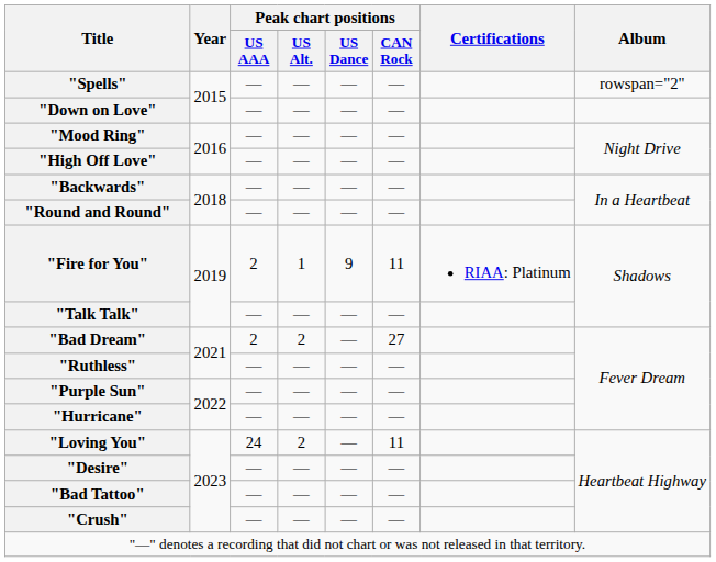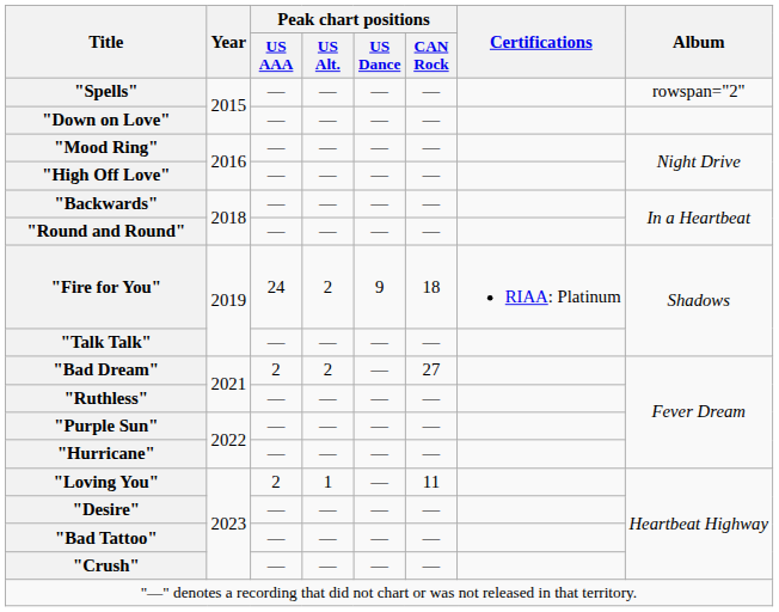 <table class="wikitable plainrowheaders" style="text-align:center">
 <tr>
 <th style="width:11em" rowspan="2">Title</th>
 <th rowspan="2">Year</th>
 <th colspan="4">Peak chart positions</th>
 <th scope="col" rowspan="2"><a href='#'>Certifications</a></th>
 <th rowspan="2">Album</th>
 </tr>
 <tr>
 <th scope="col" style="width:2.8em; font-size:90%"><a href='#'>US<br>AAA</a><br></th>
 <th scope="col" style="width:2.8em; font-size:90%"><a href='#'>US<br>Alt.</a><br></th>
 <th scope="col" style="width:2.8em; font-size:90%"><a href='#'>US<br>Dance</a><br></th>
 <th scope="col" style="width:2.8em; font-size:90%"><a href='#'>CAN<br>Rock</a><br></th>
 </tr>
 <tr>
 <th scope="row">"Spells"</th>
 <td rowspan="2">2015</td>
 <td>—</td>
 <td>—</td>
 <td>—</td>
 <td>—</td>
 <td></td>
 <td>rowspan="2" </td>
 </tr>
 <tr>
 <th scope="row">"Down on Love"</th>
 <td>—</td>
 <td>—</td>
 <td>—</td>
 <td>—</td>
 <td></td>
 </tr>
 <tr>
 <th scope="row">"Mood Ring"</th>
 <td rowspan="2">2016</td>
 <td>—</td>
 <td>—</td>
 <td>—</td>
 <td>—</td>
 <td></td>
 <td rowspan="2"><em>Night Drive</em></td>
 </tr>
 <tr>
 <th scope="row">"High Off Love"</th>
 <td>—</td>
 <td>—</td>
 <td>—</td>
 <td>—</td>
 <td></td>
 </tr>
 <tr>
 <th scope="row">"Backwards"</th>
 <td rowspan="2">2018</td>
 <td>—</td>
 <td>—</td>
 <td>—</td>
 <td>—</td>
 <td></td>
 <td rowspan="2"><em>In a Heartbeat</em></td>
 </tr>
 <tr>
 <th scope="row">"Round and Round"</th>
 <td>—</td>
 <td>—</td>
 <td>—</td>
 <td>—</td>
 <td></td>
 </tr>
 <tr>
 <th scope="row">"Fire for You"</th>
 <td rowspan="2">2019</td>
+<td>24</td>
 <td>2</td>
-<td>1</td>
 <td>9</td>
-<td>11</td>
+<td>18</td>
 <td><br><ul><li><a href='#'>RIAA</a>: Platinum</li></ul></td>
 <td rowspan="2"><em>Shadows</em></td>
 </tr>
 <tr>
 <th scope="row">"Talk Talk"</th>
 <td>—</td>
 <td>—</td>
 <td>—</td>
 <td>—</td>
 <td></td>
 </tr>
 <tr>
 <th scope="row">"Bad Dream"</th>
 <td rowspan="2">2021</td>
 <td>2</td>
 <td>2</td>
 <td>—</td>
 <td>27</td>
 <td></td>
 <td rowspan="4"><em>Fever Dream</em></td>
 </tr>
 <tr>
 <th scope="row">"Ruthless"</th>
 <td>—</td>
 <td>—</td>
 <td>—</td>
 <td>—</td>
 <td></td>
 </tr>
 <tr>
 <th scope="row">"Purple Sun"</th>
 <td rowspan="2">2022</td>
 <td>—</td>
 <td>—</td>
 <td>—</td>
 <td>—</td>
 <td></td>
 </tr>
 <tr>
 <th scope="row">"Hurricane"</th>
 <td>—</td>
 <td>—</td>
 <td>—</td>
 <td>—</td>
 <td></td>
 </tr>
 <tr>
 <th scope="row">"Loving You"</th>
 <td rowspan="4">2023</td>
-<td>24</td>
 <td>2</td>
+<td>1</td>
 <td>—</td>
 <td>11</td>
 <td></td>
 <td rowspan="4"><em>Heartbeat Highway</em></td>
 </tr>
 <tr>
 <th scope="row">"Desire"</th>
 <td>—</td>
 <td>—</td>
 <td>—</td>
 <td>—</td>
 <td></td>
 </tr>
 <tr>
 <th scope="row">"Bad Tattoo"</th>
 <td>—</td>
 <td>—</td>
 <td>—</td>
 <td>—</td>
 <td></td>
 </tr>
 <tr>
 <th scope="row">"Crush"</th>
 <td>—</td>
 <td>—</td>
 <td>—</td>
 <td>—</td>
 <td></td>
 </tr>
 <tr>
 <td colspan="8" style="font-size:90%">"—" denotes a recording that did not chart or was not released in that territory.</td>
 </tr>
 </table>
